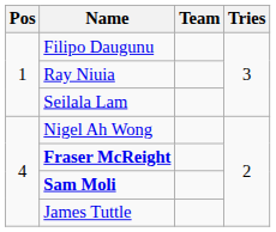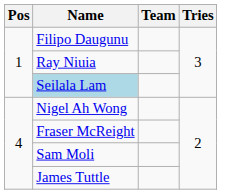 <table class="wikitable" style="text-align:center">
 <tr>
 <th>Pos</th>
 <th>Name</th>
 <th>Team</th>
 <th>Tries</th>
 </tr>
 <tr>
 <td rowspan="3">1</td>
 <td align="left"><a href='#'>Filipo Daugunu</a></td>
 <td align="left"></td>
 <td rowspan="3">3</td>
 </tr>
 <tr>
 <td align="left"><a href='#'>Ray Niuia</a></td>
 <td align="left"></td>
 </tr>
 <tr>
-<td align="left"><a href='#'>Seilala Lam</a></td>
+<td align="left" style="background: lightblue;"><a href='#'>Seilala Lam</a></td>
 <td align="left"></td>
 </tr>
 <tr>
 <td rowspan="4">4</td>
 <td align="left"><a href='#'>Nigel Ah Wong</a></td>
 <td align="left"></td>
 <td rowspan="4">2</td>
 </tr>
 <tr>
-<td align="left"><strong><a href='#'>Fraser McReight</a></strong></td>
+<td align="left"><a href='#'>Fraser McReight</a></td>
 <td align="left"></td>
 </tr>
 <tr>
-<td align="left"><strong><a href='#'>Sam Moli</a></strong></td>
+<td align="left"><a href='#'>Sam Moli</a></td>
 <td align="left"></td>
 </tr>
 <tr>
 <td align="left"><a href='#'>James Tuttle</a></td>
 <td align="left"></td>
 </tr>
 </table>
